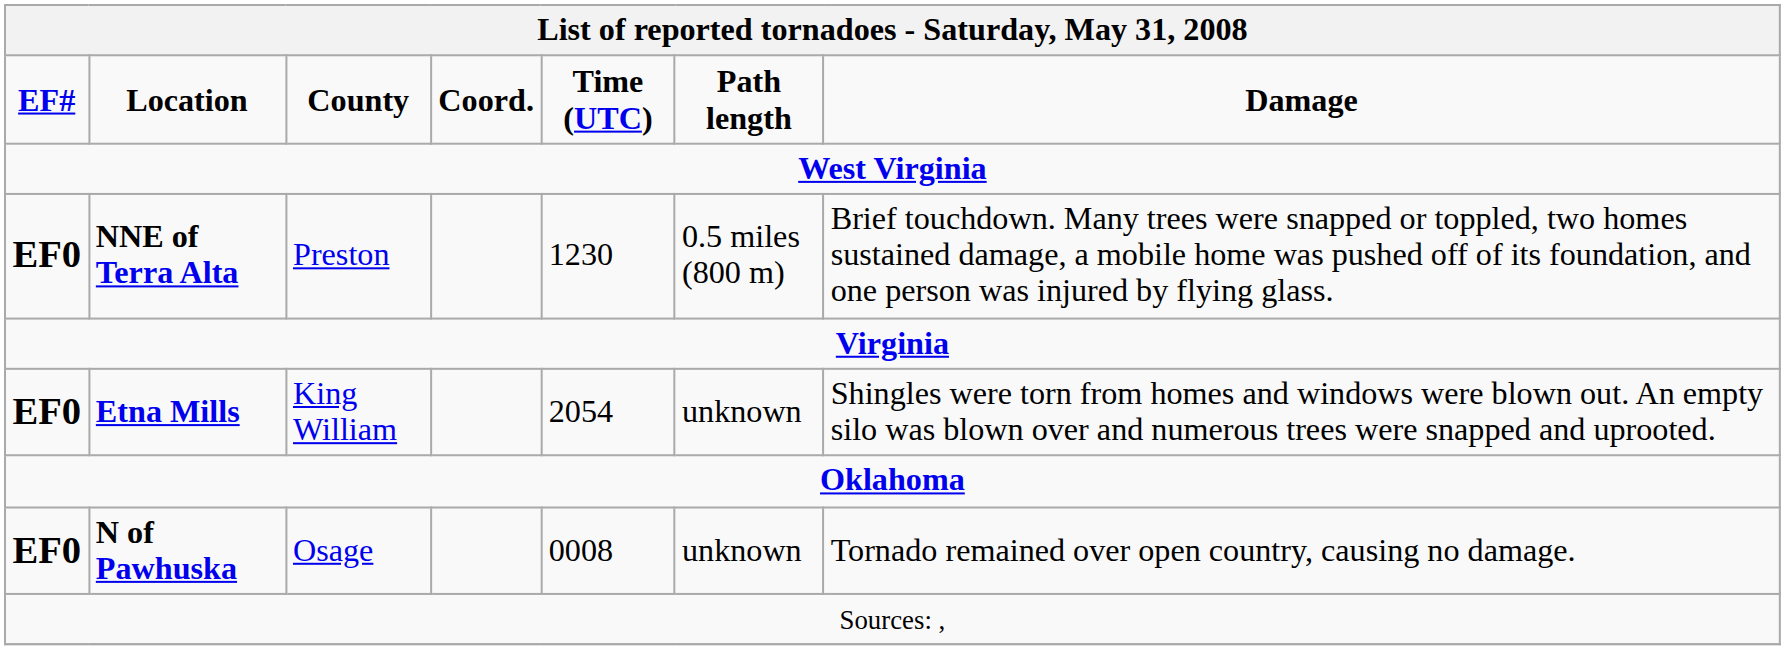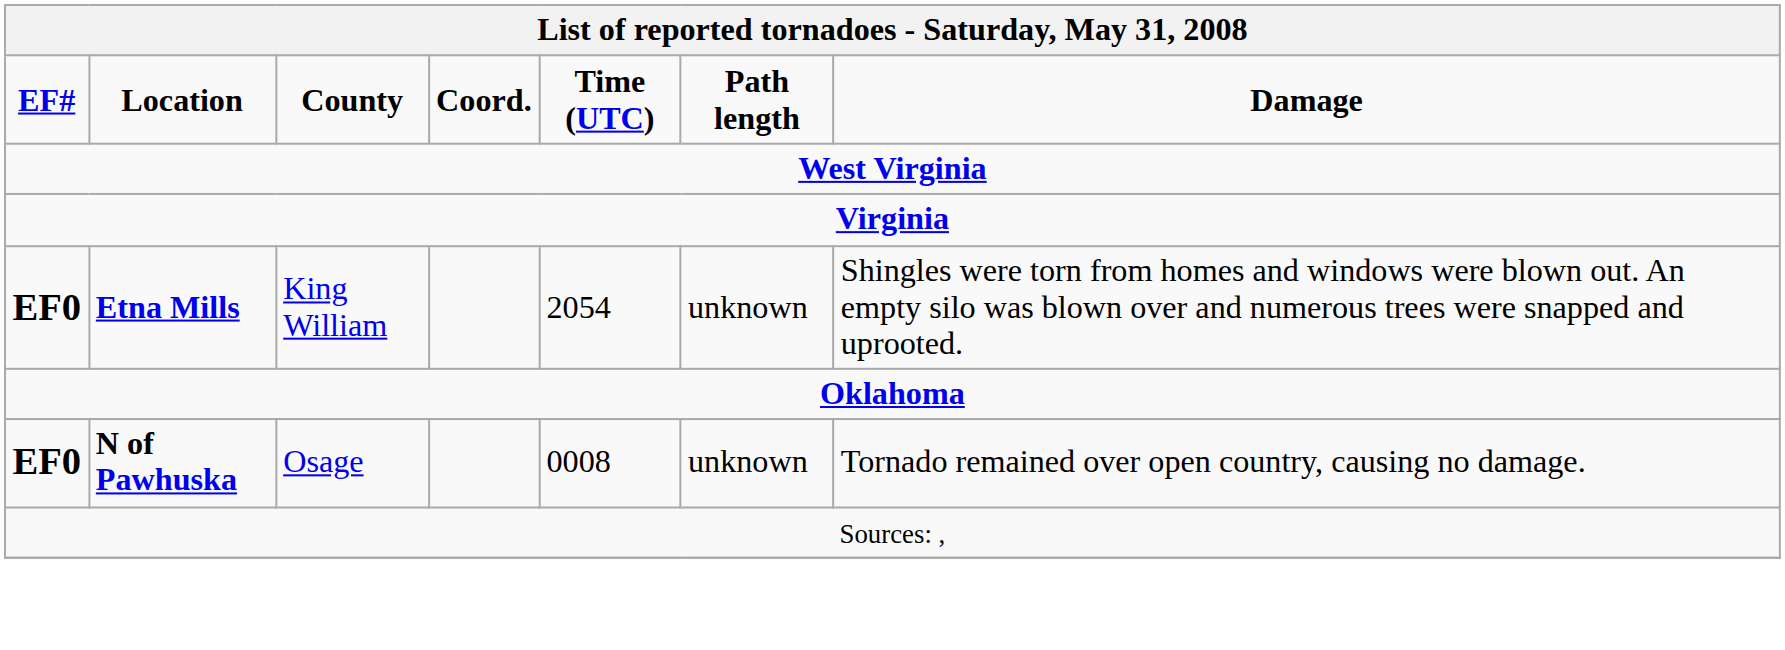 <table class="wikitable collapsible" width="100%">
 <tr>
 <th colspan="7">List of reported tornadoes - Saturday, May 31, 2008</th>
 </tr>
 <tr style="text-align:center;">
 <td><strong><a href='#'>EF#</a></strong></td>
 <td><strong>Location</strong></td>
 <td><strong>County</strong></td>
 <td><strong>Coord.</strong></td>
 <td><strong>Time (<a href='#'>UTC</a>)</strong></td>
 <td><strong>Path length</strong></td>
 <td><strong>Damage</strong></td>
 </tr>
 <tr>
 <td colspan="7" align=center><strong><a href='#'>West Virginia</a></strong></td>
-</tr>
-<tr>
-<td><big><strong>EF0</strong></big></td>
-<td><strong>NNE of <a href='#'>Terra Alta</a></strong></td>
-<td><a href='#'>Preston</a></td>
-<td></td>
-<td>1230</td>
-<td>0.5 miles<br>(800 m)</td>
-<td>Brief touchdown. Many trees were snapped or toppled, two homes sustained damage, a mobile home was pushed off of its foundation, and one person was injured by flying glass.</td>
 </tr>
 <tr>
 <td colspan="7" align=center><strong><a href='#'>Virginia</a></strong></td>
 </tr>
 <tr>
 <td><big><strong>EF0</strong></big></td>
 <td><strong><a href='#'>Etna Mills</a></strong></td>
 <td><a href='#'>King William</a></td>
 <td></td>
 <td>2054</td>
 <td>unknown</td>
 <td>Shingles were torn from homes and windows were blown out. An empty silo was blown over and numerous trees were snapped and uprooted.</td>
 </tr>
 <tr>
 <td colspan="7" align=center><strong><a href='#'>Oklahoma</a></strong></td>
 </tr>
 <tr>
 <td><big><strong>EF0</strong></big></td>
 <td><strong>N of <a href='#'>Pawhuska</a></strong></td>
 <td><a href='#'>Osage</a></td>
 <td></td>
 <td>0008</td>
 <td>unknown</td>
 <td>Tornado remained over open country, causing no damage.</td>
 </tr>
 <tr>
 <td colspan="7" align=center><small>Sources: ,  </small></td>
 </tr>
 <tr>
 </tr>
 </table>
